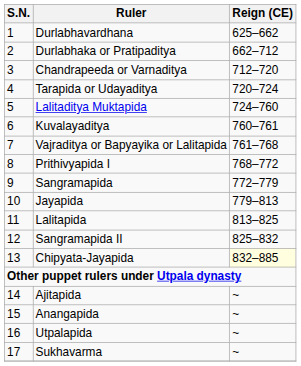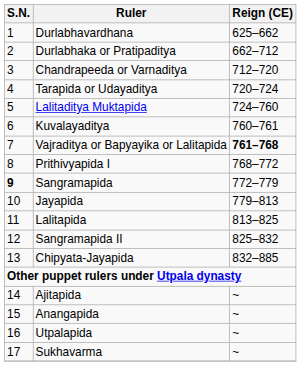 <table class="wikitable">
 <tr>
 <th>S.N.</th>
 <th>Ruler</th>
 <th>Reign (CE)</th>
 </tr>
 <tr>
 <td>1</td>
 <td>Durlabhavardhana</td>
 <td>625–662</td>
 </tr>
 <tr>
 <td>2</td>
 <td>Durlabhaka or Pratipaditya</td>
 <td>662–712</td>
 </tr>
 <tr>
 <td>3</td>
 <td>Chandrapeeda or Varnaditya</td>
 <td>712–720</td>
 </tr>
 <tr>
 <td>4</td>
 <td>Tarapida or Udayaditya</td>
 <td>720–724</td>
 </tr>
 <tr>
 <td>5</td>
 <td><a href='#'>Lalitaditya Muktapida</a></td>
 <td>724–760</td>
 </tr>
 <tr>
 <td>6</td>
 <td>Kuvalayaditya</td>
 <td>760–761</td>
 </tr>
 <tr>
 <td>7</td>
 <td>Vajraditya or Bapyayika or Lalitapida</td>
-<td>761–768</td>
+<td><strong>761–768</strong></td>
 </tr>
 <tr>
 <td>8</td>
 <td>Prithivyapida I</td>
 <td>768–772</td>
 </tr>
 <tr>
-<td>9</td>
+<td><strong>9</strong></td>
 <td>Sangramapida</td>
 <td>772–779</td>
 </tr>
 <tr>
 <td>10</td>
 <td>Jayapida</td>
 <td>779–813</td>
 </tr>
 <tr>
 <td>11</td>
 <td>Lalitapida</td>
 <td>813–825</td>
 </tr>
 <tr>
 <td>12</td>
 <td>Sangramapida II</td>
 <td>825–832</td>
 </tr>
 <tr>
 <td>13</td>
 <td>Chipyata-Jayapida</td>
-<td style="background: lightyellow;">832–885</td>
+<td>832–885</td>
 </tr>
 <tr>
 <td colspan="4"><strong>Other puppet rulers under <a href='#'>Utpala dynasty</a></strong></td>
 </tr>
 <tr>
 <td>14</td>
 <td>Ajitapida</td>
 <td>~</td>
 </tr>
 <tr>
 <td>15</td>
 <td>Anangapida</td>
 <td>~</td>
 </tr>
 <tr>
 <td>16</td>
 <td>Utpalapida</td>
 <td>~</td>
 </tr>
 <tr>
 <td>17</td>
 <td>Sukhavarma</td>
 <td>~</td>
 </tr>
 <tr>
 </tr>
 </table>
